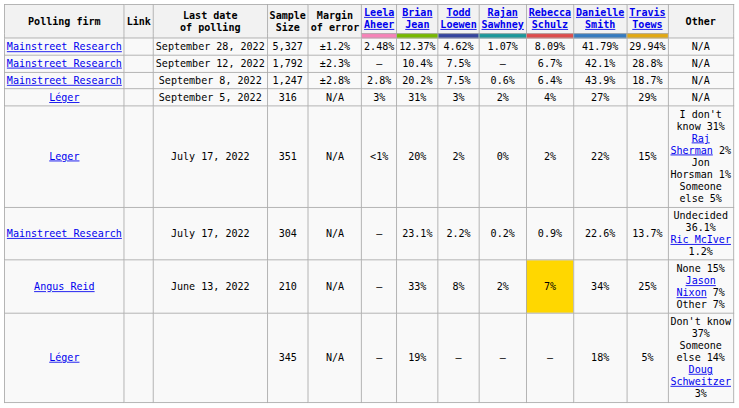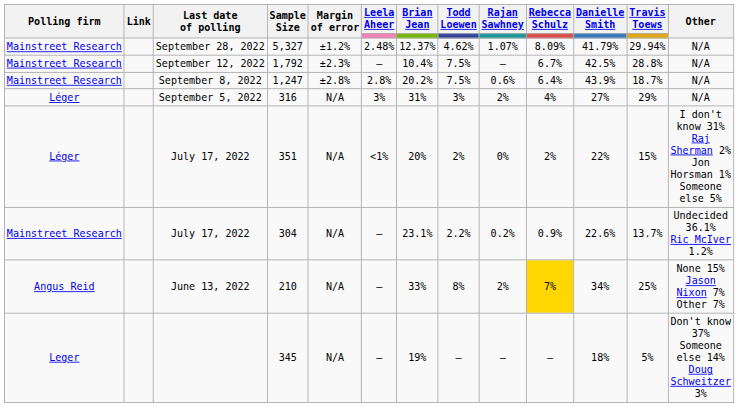 <table class="wikitable sortable tpl-blanktable" style="text-align:center; line-height:14px;font-size:90%;">
 <tr>
 <th rowspan="2">Polling firm</th>
 <th rowspan="2" class="unsortable">Link</th>
 <th rowspan="2">Last date<br>of polling</th>
 <th rowspan="2" class="unsortable">Sample<br>Size</th>
 <th rowspan="2">Margin<br>of error</th>
 <th style="width:25px;"><a href='#'>Leela Aheer</a></th>
 <th style="width:25px;"><a href='#'>Brian Jean</a></th>
 <th style="width:25px;"><a href='#'>Todd Loewen</a></th>
 <th style="width:25px;"><a href='#'>Rajan Sawhney</a></th>
 <th style="width:25px;"><a href='#'>Rebecca Schulz</a></th>
 <th style="width:25px;"><a href='#'>Danielle Smith</a></th>
 <th style="width:25px;"><a href='#'>Travis Toews</a></th>
 <th rowspan="2" style="width:25px;">Other</th>
 </tr>
 <tr class="sorttop">
 <th style="background-color:#f783b8;"></th>
 <th style="background-color:#77b800;"></th>
 <th style="background-color:#35459e;"></th>
 <th style="background-color:#1b979b;"></th>
 <th style="background-color:#dd4c4c;"></th>
 <th style="background-color:#367bbf;"></th>
 <th style="background-color:#e2a912;"></th>
 </tr>
 <tr>
 <td><a href='#'>Mainstreet Research</a></td>
 <td></td>
 <td>September 28, 2022</td>
 <td>5,327</td>
 <td>±1.2%</td>
 <td>2.48%</td>
 <td>12.37%</td>
 <td>4.62%</td>
 <td>1.07%</td>
 <td>8.09%</td>
 <td>41.79%</td>
 <td>29.94%</td>
 <td>N/A</td>
 </tr>
 <tr>
 <td><a href='#'>Mainstreet Research</a></td>
 <td></td>
 <td>September 12, 2022</td>
 <td>1,792</td>
 <td>±2.3%</td>
 <td>–</td>
 <td>10.4%</td>
 <td>7.5%</td>
 <td>–</td>
 <td>6.7%</td>
-<td>42.1%</td>
+<td>42.5%</td>
 <td>28.8%</td>
 <td>N/A</td>
 </tr>
 <tr>
 <td><a href='#'>Mainstreet Research</a></td>
 <td></td>
 <td>September 8, 2022</td>
 <td>1,247</td>
 <td>±2.8%</td>
 <td>2.8%</td>
 <td>20.2%</td>
 <td>7.5%</td>
 <td>0.6%</td>
 <td>6.4%</td>
 <td>43.9%</td>
 <td>18.7%</td>
 <td>N/A</td>
 </tr>
 <tr>
 <td><a href='#'>Léger</a></td>
 <td></td>
 <td>September 5, 2022</td>
 <td>316</td>
 <td>N/A</td>
 <td>3%</td>
 <td>31%</td>
 <td>3%</td>
 <td>2%</td>
 <td>4%</td>
 <td>27%</td>
 <td>29%</td>
 <td>N/A</td>
 </tr>
 <tr>
-<td><a href='#'>Leger</a></td>
+<td><a href='#'>Léger</a></td>
 <td></td>
 <td>July 17, 2022</td>
 <td>351</td>
 <td>N/A</td>
 <td><1%</td>
 <td>20%</td>
 <td>2%</td>
 <td>0%</td>
 <td>2%</td>
 <td>22%</td>
 <td>15%</td>
 <td>I don't know 31%<br><a href='#'>Raj Sherman</a> 2%<br>Jon Horsman 1%<br>Someone else 5%</td>
 </tr>
 <tr>
 <td><a href='#'>Mainstreet Research</a></td>
 <td></td>
 <td>July 17, 2022</td>
 <td>304</td>
 <td>N/A</td>
 <td>–</td>
 <td>23.1%</td>
 <td>2.2%</td>
 <td>0.2%</td>
 <td>0.9%</td>
 <td>22.6%</td>
 <td>13.7%</td>
 <td>Undecided 36.1%<br><a href='#'>Ric McIver</a> 1.2%</td>
 </tr>
 <tr>
 <td><a href='#'>Angus Reid</a></td>
 <td></td>
 <td>June 13, 2022</td>
 <td>210</td>
 <td>N/A</td>
 <td>–</td>
 <td>33%</td>
 <td>8%</td>
 <td>2%</td>
 <td style="background: gold;">7%</td>
 <td>34%</td>
 <td>25%</td>
 <td>None 15%<br><a href='#'>Jason Nixon</a> 7%<br>Other 7%</td>
 </tr>
 <tr>
-<td><a href='#'>Léger</a></td>
+<td><a href='#'>Leger</a></td>
 <td></td>
 <td></td>
 <td>345</td>
 <td>N/A</td>
 <td>–</td>
 <td>19%</td>
 <td>–</td>
 <td>–</td>
 <td>–</td>
 <td>18%</td>
 <td>5%</td>
 <td>Don't know 37%<br>Someone else 14%<br><a href='#'>Doug Schweitzer</a> 3%</td>
 </tr>
 </table>
